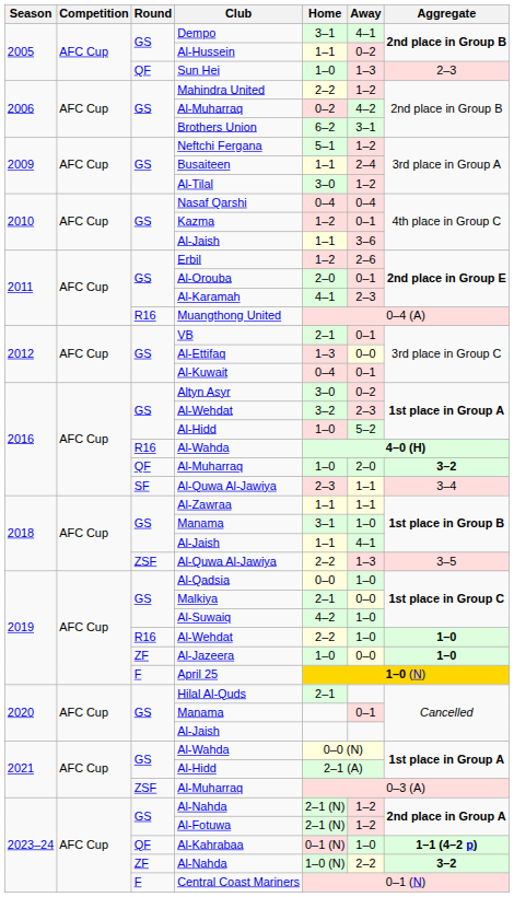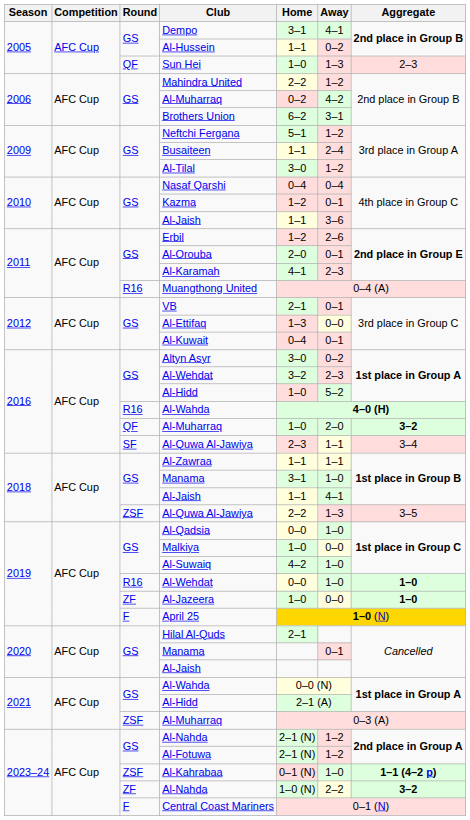 <table class="wikitable" style="text-align:left">
 <tr>
 <th>Season</th>
 <th>Competition</th>
 <th>Round</th>
 <th>Club</th>
 <th>Home</th>
 <th>Away</th>
 <th>Aggregate</th>
 </tr>
 <tr>
 <td rowspan="3"><a href='#'>2005</a></td>
 <td rowspan="3"><a href='#'>AFC Cup</a></td>
 <td rowspan="2"><a href='#'>GS</a></td>
 <td> <a href='#'>Dempo</a></td>
 <td bgcolor="#ddffdd" style="text-align:center;">3–1</td>
 <td bgcolor="#ddffdd" style="text-align:center;">4–1</td>
 <td rowspan="2" style="text-align:center;"><strong>2nd place in Group B</strong></td>
 </tr>
 <tr>
 <td> <a href='#'>Al-Hussein</a></td>
 <td bgcolor="#ffffdd" style="text-align:center;">1–1</td>
 <td bgcolor="#ffdddd" style="text-align:center;">0–2</td>
 </tr>
 <tr>
 <td><a href='#'>QF</a></td>
 <td> <a href='#'>Sun Hei</a></td>
 <td bgcolor="#ddffdd" style="text-align:center;">1–0</td>
 <td bgcolor="#ffdddd" style="text-align:center;">1–3</td>
 <td bgcolor="#ffdddd" style="text-align:center;">2–3</td>
 </tr>
 <tr>
 <td rowspan="3"><a href='#'>2006</a></td>
 <td rowspan="3">AFC Cup</td>
 <td rowspan="3"><a href='#'>GS</a></td>
 <td> <a href='#'>Mahindra United</a></td>
 <td bgcolor="#ffffdd" style="text-align:center;">2–2</td>
 <td bgcolor="#ffdddd" style="text-align:center;">1–2</td>
 <td rowspan="3" style="text-align:center;">2nd place in Group B</td>
 </tr>
 <tr>
 <td> <a href='#'>Al-Muharraq</a></td>
 <td bgcolor="#ffdddd" style="text-align:center;">0–2</td>
 <td bgcolor="#ddffdd" style="text-align:center;">4–2</td>
 </tr>
 <tr>
 <td> <a href='#'>Brothers Union</a></td>
 <td bgcolor="#ddffdd" style="text-align:center;">6–2</td>
 <td bgcolor="#ddffdd" style="text-align:center;">3–1</td>
 </tr>
 <tr>
 <td rowspan="3"><a href='#'>2009</a></td>
 <td rowspan="3">AFC Cup</td>
 <td rowspan="3"><a href='#'>GS</a></td>
 <td> <a href='#'>Neftchi Fergana</a></td>
 <td bgcolor="#ddffdd" style="text-align:center;">5–1</td>
 <td bgcolor="#ffdddd" style="text-align:center;">1–2</td>
 <td rowspan="3" style="text-align:center;">3rd place in Group A</td>
 </tr>
 <tr>
 <td> <a href='#'>Busaiteen</a></td>
 <td bgcolor="#ffffdd" style="text-align:center;">1–1</td>
 <td bgcolor="#ffdddd" style="text-align:center;">2–4</td>
 </tr>
 <tr>
 <td> <a href='#'>Al-Tilal</a></td>
 <td bgcolor="#ddffdd" style="text-align:center;">3–0</td>
 <td bgcolor="#ffdddd" style="text-align:center;">1–2</td>
 </tr>
 <tr>
 <td rowspan="3"><a href='#'>2010</a></td>
 <td rowspan="3">AFC Cup</td>
 <td rowspan="3"><a href='#'>GS</a></td>
 <td> <a href='#'>Nasaf Qarshi</a></td>
 <td bgcolor="#ffdddd" style="text-align:center;">0–4</td>
 <td bgcolor="#ffdddd" style="text-align:center;">0–4</td>
 <td rowspan="3" style="text-align:center;">4th place in Group C</td>
 </tr>
 <tr>
 <td> <a href='#'>Kazma</a></td>
 <td bgcolor="#ffdddd" style="text-align:center;">1–2</td>
 <td bgcolor="#ffdddd" style="text-align:center;">0–1</td>
 </tr>
 <tr>
 <td> <a href='#'>Al-Jaish</a></td>
 <td bgcolor="#ffffdd" style="text-align:center;">1–1</td>
 <td bgcolor="#ffdddd" style="text-align:center;">3–6</td>
 </tr>
 <tr>
 <td rowspan="4"><a href='#'>2011</a></td>
 <td rowspan="4">AFC Cup</td>
 <td rowspan="3"><a href='#'>GS</a></td>
 <td> <a href='#'>Erbil</a></td>
 <td bgcolor="#ffdddd" style="text-align:center;">1–2</td>
 <td bgcolor="#ffdddd" style="text-align:center;">2–6</td>
 <td rowspan="3" style="text-align:center;"><strong>2nd place in Group E</strong></td>
 </tr>
 <tr>
 <td> <a href='#'>Al-Orouba</a></td>
 <td bgcolor="#ddffdd" style="text-align:center;">2–0</td>
 <td bgcolor="#ffdddd" style="text-align:center;">0–1</td>
 </tr>
 <tr>
 <td> <a href='#'>Al-Karamah</a></td>
 <td bgcolor="#ddffdd" style="text-align:center;">4–1</td>
 <td bgcolor="#ffdddd" style="text-align:center;">2–3</td>
 </tr>
 <tr>
 <td><a href='#'>R16</a></td>
 <td> <a href='#'>Muangthong United</a></td>
 <td colspan="3" bgcolor="#ffdddd" style="text-align:center;">0–4 (A)</td>
 </tr>
 <tr>
 <td rowspan="3"><a href='#'>2012</a></td>
 <td rowspan="3">AFC Cup</td>
 <td rowspan="3"><a href='#'>GS</a></td>
 <td> <a href='#'>VB</a></td>
 <td bgcolor="#ddffdd" style="text-align:center;">2–1</td>
 <td bgcolor="#ffdddd" style="text-align:center;">0–1</td>
 <td rowspan="3" style="text-align:center;">3rd place in Group C</td>
 </tr>
 <tr>
 <td> <a href='#'>Al-Ettifaq</a></td>
 <td bgcolor="#ffdddd" style="text-align:center;">1–3</td>
 <td bgcolor="#ffffdd" style="text-align:center;">0–0</td>
 </tr>
 <tr>
 <td> <a href='#'>Al-Kuwait</a></td>
 <td bgcolor="#ffdddd" style="text-align:center;">0–4</td>
 <td bgcolor="#ffdddd" style="text-align:center;">0–1</td>
 </tr>
 <tr>
 <td rowspan="6"><a href='#'>2016</a></td>
 <td rowspan="6">AFC Cup</td>
 <td rowspan="3"><a href='#'>GS</a></td>
 <td> <a href='#'>Altyn Asyr</a></td>
 <td bgcolor="#ddffdd" style="text-align:center;">3–0</td>
 <td bgcolor="#ffdddd" style="text-align:center;">0–2</td>
 <td rowspan="3" style="text-align:center;"><strong>1st place in Group A</strong></td>
 </tr>
 <tr>
 <td> <a href='#'>Al-Wehdat</a></td>
 <td bgcolor="#ddffdd" style="text-align:center;">3–2</td>
 <td bgcolor="#ffdddd" style="text-align:center;">2–3</td>
 </tr>
 <tr>
 <td> <a href='#'>Al-Hidd</a></td>
 <td bgcolor="#ffdddd" style="text-align:center;">1–0</td>
 <td bgcolor="#ddffdd" style="text-align:center;">5–2</td>
 </tr>
 <tr>
 <td><a href='#'>R16</a></td>
 <td> <a href='#'>Al-Wahda</a></td>
 <td colspan="3" bgcolor="#ddffdd" style="text-align:center;"><strong>4–0 (H)</strong></td>
 </tr>
 <tr>
 <td><a href='#'>QF</a></td>
 <td> <a href='#'>Al-Muharraq</a></td>
 <td bgcolor="#ddffdd" style="text-align:center;">1–0</td>
 <td bgcolor="#ddffdd" style="text-align:center;">2–0</td>
 <td bgcolor="#ddffdd" style="text-align:center;"><strong>3–2</strong></td>
 </tr>
 <tr>
 <td><a href='#'>SF</a></td>
 <td> <a href='#'>Al-Quwa Al-Jawiya</a></td>
 <td bgcolor="#ffdddd" style="text-align:center;">2–3</td>
 <td bgcolor="#ffffdd" style="text-align:center;">1–1</td>
 <td bgcolor="#ffdddd" style="text-align:center;">3–4</td>
 </tr>
 <tr>
 <td rowspan="4"><a href='#'>2018</a></td>
 <td rowspan="4">AFC Cup</td>
 <td rowspan="3"><a href='#'>GS</a></td>
 <td> <a href='#'>Al-Zawraa</a></td>
 <td bgcolor="#ffffdd" style="text-align:center;">1–1</td>
 <td bgcolor="#ffffdd" style="text-align:center;">1–1</td>
 <td rowspan="3" style="text-align:center;"><strong>1st place in Group B</strong></td>
 </tr>
 <tr>
 <td> <a href='#'>Manama</a></td>
 <td bgcolor="#ddffdd" style="text-align:center;">3–1</td>
 <td bgcolor="#ddffdd" style="text-align:center;">1–0</td>
 </tr>
 <tr>
 <td> <a href='#'>Al-Jaish</a></td>
 <td bgcolor="#ffffdd" style="text-align:center;">1–1</td>
 <td bgcolor="#ddffdd" style="text-align:center;">4–1</td>
 </tr>
 <tr>
 <td><a href='#'>ZSF</a></td>
 <td> <a href='#'>Al-Quwa Al-Jawiya</a></td>
 <td bgcolor="#ffffdd" style="text-align:center;">2–2</td>
 <td bgcolor="#ffdddd" style="text-align:center;">1–3</td>
 <td bgcolor="#ffdddd" style="text-align:center;">3–5</td>
 </tr>
 <tr>
 <td rowspan="6"><a href='#'>2019</a></td>
 <td rowspan="6">AFC Cup</td>
 <td rowspan="3"><a href='#'>GS</a></td>
 <td> <a href='#'>Al-Qadsia</a></td>
 <td bgcolor="#ffffdd" style="text-align:center;">0–0</td>
 <td bgcolor="#ddffdd" style="text-align:center;">1–0</td>
 <td rowspan="3" style="text-align:center;"><strong>1st place in Group C</strong></td>
 </tr>
 <tr>
 <td> <a href='#'>Malkiya</a></td>
-<td bgcolor="#ddffdd" style="text-align:center;">2–1</td>
+<td bgcolor="#ddffdd" style="text-align:center;">1–0</td>
 <td bgcolor="#ffffdd" style="text-align:center;">0–0</td>
 </tr>
 <tr>
 <td> <a href='#'>Al-Suwaiq</a></td>
 <td bgcolor="#ddffdd" style="text-align:center;">4–2</td>
 <td bgcolor="#ddffdd" style="text-align:center;">1–0</td>
 </tr>
 <tr>
 <td><a href='#'>R16</a></td>
 <td> <a href='#'>Al-Wehdat</a></td>
-<td bgcolor="#ffffdd" style="text-align:center;">2–2</td>
+<td bgcolor="#ffffdd" style="text-align:center;">0–0</td>
 <td bgcolor="#ddffdd" style="text-align:center;">1–0</td>
 <td bgcolor="#ddffdd" style="text-align:center;"><strong>1–0</strong></td>
 </tr>
 <tr>
 <td><a href='#'>ZF</a></td>
 <td> <a href='#'>Al-Jazeera</a></td>
 <td bgcolor="#ddffdd" style="text-align:center;">1–0</td>
 <td bgcolor="#ffffdd" style="text-align:center;">0–0</td>
 <td bgcolor="#ddffdd" style="text-align:center;"><strong>1–0</strong></td>
 </tr>
 <tr>
 <td><a href='#'>F</a></td>
 <td> <a href='#'>April 25</a></td>
 <td bgcolor=gold colspan="3" style="text-align:center;"><strong>1–0</strong> (<a href='#'>N</a>)</td>
 </tr>
 <tr>
 <td rowspan="3"><a href='#'>2020</a></td>
 <td rowspan="3">AFC Cup</td>
 <td rowspan="3"><a href='#'>GS</a></td>
 <td> <a href='#'>Hilal Al-Quds</a></td>
 <td bgcolor="#ddffdd" style="text-align:center;">2–1</td>
 <td></td>
 <td rowspan="3" style="text-align:center;"><em>Cancelled</em></td>
 </tr>
 <tr>
 <td> <a href='#'>Manama</a></td>
 <td></td>
 <td bgcolor="#ffdddd" style="text-align:center;">0–1</td>
 </tr>
 <tr>
 <td> <a href='#'>Al-Jaish</a></td>
 <td></td>
 <td></td>
 </tr>
 <tr>
 <td rowspan="3"><a href='#'>2021</a></td>
 <td rowspan="3">AFC Cup</td>
 <td rowspan="2"><a href='#'>GS</a></td>
 <td> <a href='#'>Al-Wahda</a></td>
 <td colspan="2" bgcolor="#ffffdd" style="text-align:center;">0–0 (N)</td>
 <td rowspan="2" style="text-align:center;"><strong>1st place in Group A</strong></td>
 </tr>
 <tr>
 <td> <a href='#'>Al-Hidd</a></td>
 <td colspan="2" bgcolor="#ddffdd" style="text-align:center;">2–1 (A)</td>
 </tr>
 <tr>
 <td><a href='#'>ZSF</a></td>
 <td> <a href='#'>Al-Muharraq</a></td>
 <td colspan="3" bgcolor="#ffdddd" style="text-align:center;">0–3 (A)</td>
 </tr>
 <tr>
 <td rowspan="5"><a href='#'>2023–24</a></td>
 <td rowspan="5">AFC Cup</td>
 <td rowspan="2"><a href='#'>GS</a></td>
 <td> <a href='#'>Al-Nahda</a></td>
 <td bgcolor="#ddffdd" style="text-align:center;">2–1 (N)</td>
 <td bgcolor="#ffdddd" style="text-align:center;">1–2</td>
 <td rowspan="2"><strong>2nd place in Group A</strong></td>
 </tr>
 <tr>
 <td> <a href='#'>Al-Fotuwa</a></td>
 <td bgcolor="#ddffdd" style="text-align:center;">2–1 (N)</td>
 <td bgcolor="#ffdddd" style="text-align:center;">1–2</td>
 </tr>
 <tr>
-<td><a href='#'>QF</a></td>
+<td><a href='#'>ZSF</a></td>
 <td> <a href='#'>Al-Kahrabaa</a></td>
 <td bgcolor="#ffdddd" style="text-align:center;">0–1 (N)</td>
 <td bgcolor="#ddffdd" style="text-align:center;">1–0</td>
 <td bgcolor="#ddffdd" style="text-align:center;"><strong>1–1 (4–2 <a href='#'>p</a>)</strong></td>
 </tr>
 <tr>
 <td><a href='#'>ZF</a></td>
 <td> <a href='#'>Al-Nahda</a></td>
 <td bgcolor="#ddffdd" style="text-align:center;">1–0 (N)</td>
 <td bgcolor="#ffffdd" style="text-align:center;">2–2</td>
 <td bgcolor="#ddffdd" style="text-align:center;"><strong>3–2</strong></td>
 </tr>
 <tr>
 <td><a href='#'>F</a></td>
 <td> <a href='#'>Central Coast Mariners</a></td>
 <td bgcolor="#ffdddd" colspan="3" style="text-align:center;">0–1 (<a href='#'>N</a>)</td>
 </tr>
 </table>
